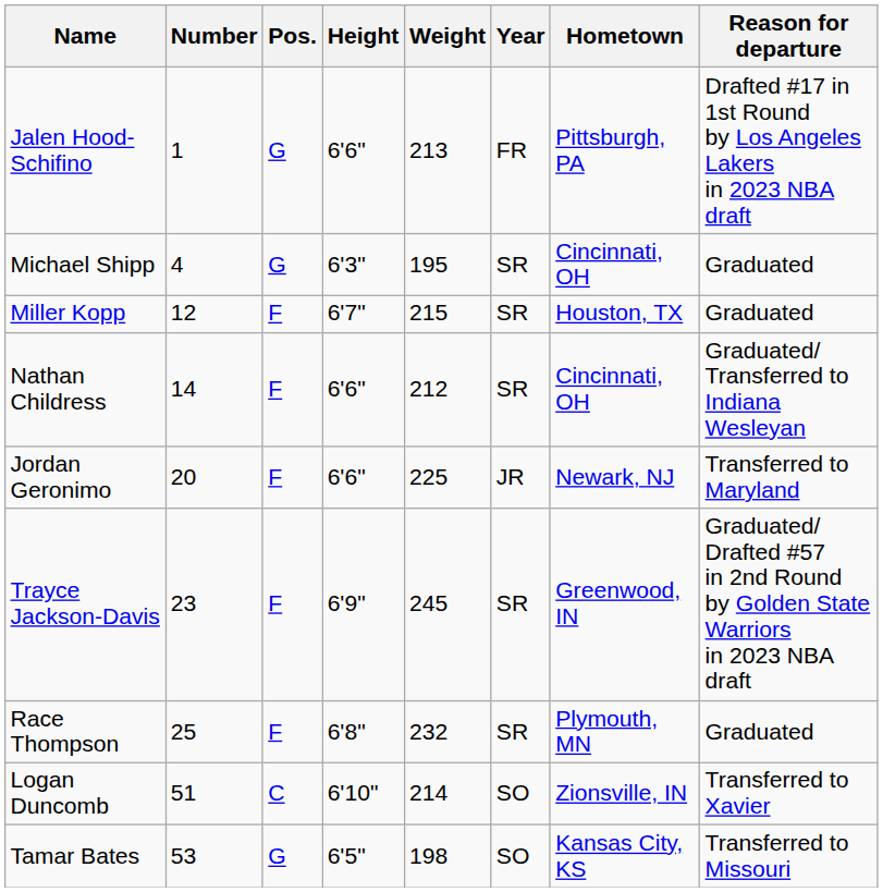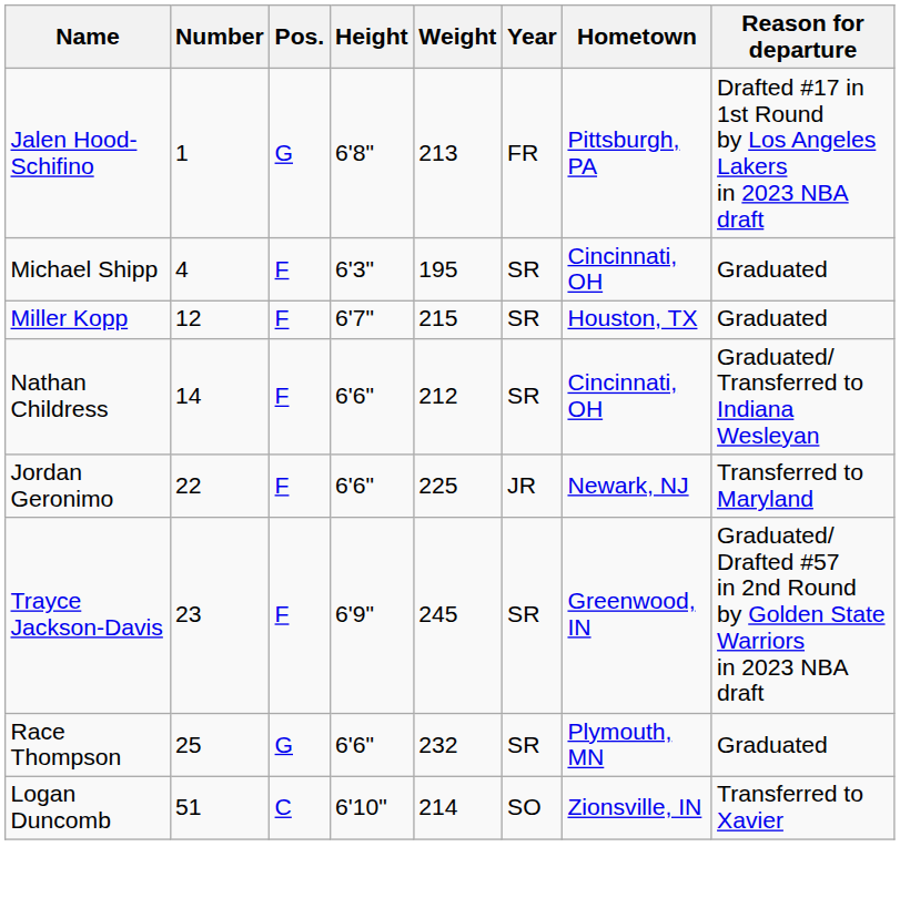 <table class="wikitable sortable" border="1">
 <tr align=center>
 <th>Name</th>
 <th>Number</th>
 <th>Pos.</th>
 <th>Height</th>
 <th>Weight</th>
 <th>Year</th>
 <th>Hometown</th>
 <th>Reason for departure</th>
 </tr>
 <tr>
 <td sortname><a href='#'>Jalen Hood-Schifino</a></td>
 <td>1</td>
 <td><a href='#'>G</a></td>
-<td>6'6"</td>
+<td>6'8"</td>
 <td>213</td>
 <td>FR</td>
 <td><a href='#'>Pittsburgh, PA</a></td>
 <td>Drafted #17 in 1st Round <br> by <a href='#'>Los Angeles Lakers</a> <br> in <a href='#'>2023 NBA draft</a></td>
 </tr>
 <tr>
 <td sortname>Michael Shipp</td>
 <td>4</td>
-<td><a href='#'>G</a></td>
+<td><a href='#'>F</a></td>
 <td>6'3"</td>
 <td>195</td>
 <td>SR</td>
 <td><a href='#'>Cincinnati, OH</a></td>
 <td>Graduated</td>
 </tr>
 <tr>
 <td sortname><a href='#'>Miller Kopp</a></td>
 <td>12</td>
 <td><a href='#'>F</a></td>
 <td>6'7"</td>
 <td>215</td>
 <td>SR</td>
 <td><a href='#'>Houston, TX</a></td>
 <td>Graduated</td>
 </tr>
 <tr>
 <td sortname>Nathan Childress</td>
 <td>14</td>
 <td><a href='#'>F</a></td>
 <td>6'6"</td>
 <td>212</td>
 <td>SR</td>
 <td><a href='#'>Cincinnati, OH</a></td>
 <td>Graduated/<br>Transferred to <br> <a href='#'>Indiana Wesleyan</a></td>
 </tr>
 <tr>
 <td sortname>Jordan Geronimo</td>
-<td>20</td>
+<td>22</td>
 <td><a href='#'>F</a></td>
 <td>6'6"</td>
 <td>225</td>
 <td>JR</td>
 <td><a href='#'>Newark, NJ</a></td>
 <td>Transferred to <br> <a href='#'>Maryland</a></td>
 </tr>
 <tr>
 <td sortname><a href='#'>Trayce Jackson-Davis</a></td>
 <td>23</td>
 <td><a href='#'>F</a></td>
 <td>6'9"</td>
 <td>245</td>
 <td>SR</td>
 <td><a href='#'>Greenwood, IN</a></td>
 <td>Graduated/<br>Drafted #57 <br> in 2nd Round <br> by <a href='#'>Golden State Warriors</a> <br> in 2023 NBA draft</td>
 </tr>
 <tr>
 <td sortname>Race Thompson</td>
 <td>25</td>
-<td><a href='#'>F</a></td>
-<td>6'8"</td>
+<td><a href='#'>G</a></td>
+<td>6'6"</td>
 <td>232</td>
 <td>SR</td>
 <td><a href='#'>Plymouth, MN</a></td>
 <td>Graduated</td>
 </tr>
 <tr>
 <td sortname>Logan Duncomb</td>
 <td>51</td>
 <td><a href='#'>C</a></td>
 <td>6'10"</td>
 <td>214</td>
 <td>SO</td>
 <td><a href='#'>Zionsville, IN</a></td>
 <td>Transferred to <br> <a href='#'>Xavier</a></td>
 </tr>
-<tr>
-<td sortname>Tamar Bates</td>
-<td>53</td>
-<td><a href='#'>G</a></td>
-<td>6'5"</td>
-<td>198</td>
-<td>SO</td>
-<td><a href='#'>Kansas City, KS</a></td>
-<td>Transferred to <br> <a href='#'>Missouri</a></td>
-</tr>
 </table>
